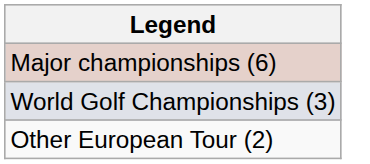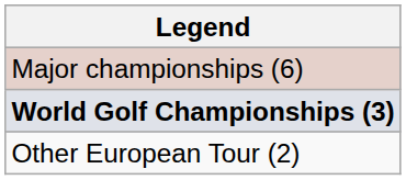 <table class="wikitable" style="font-size:95%;">
 <tr>
 <th>Legend</th>
 </tr>
 <tr style="background:#e5d1cb;">
 <td>Major championships (6)</td>
 </tr>
 <tr style="background:#dfe2e9;">
-<td>World Golf Championships (3)</td>
+<td><strong>World Golf Championships (3)</strong></td>
 </tr>
 <tr>
 <td>Other European Tour (2)</td>
 </tr>
 </table>
